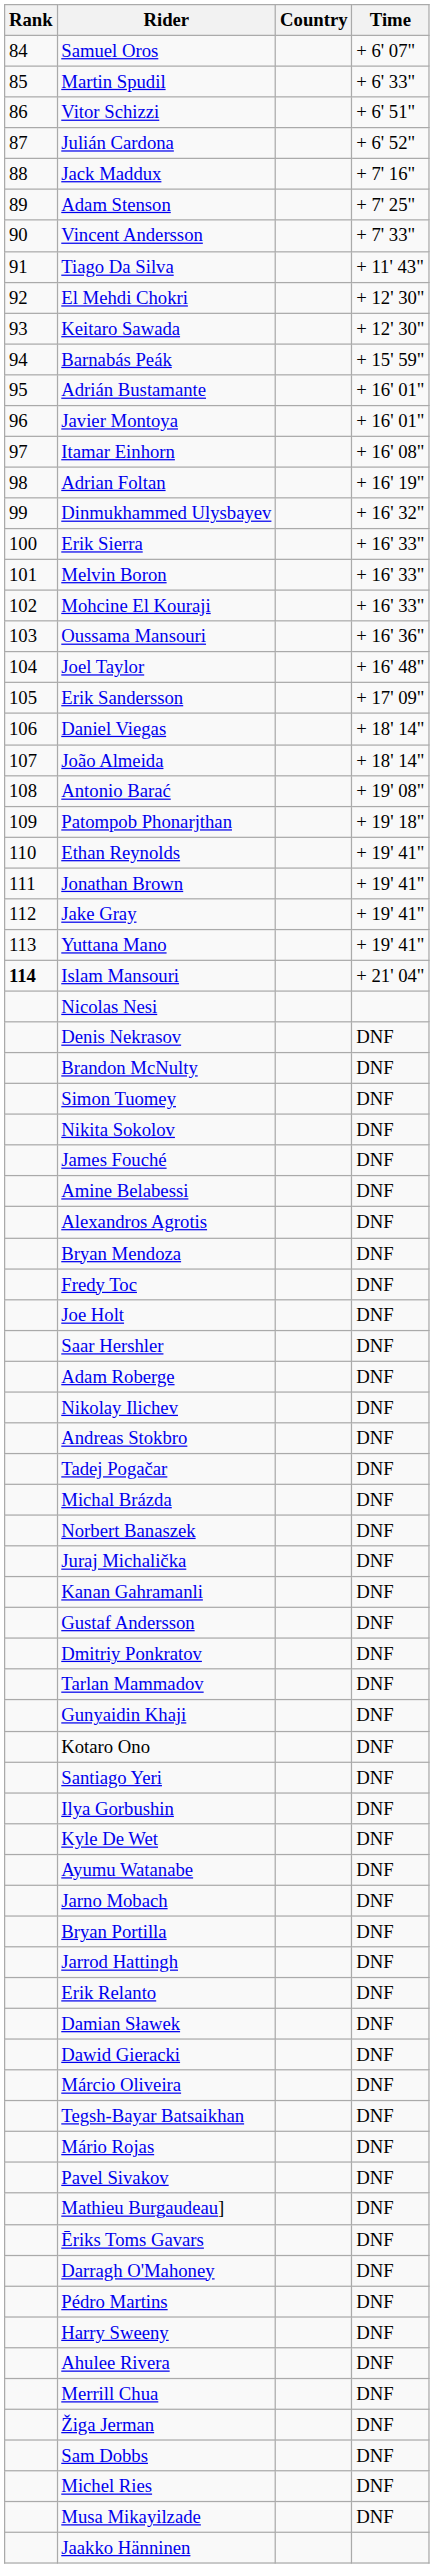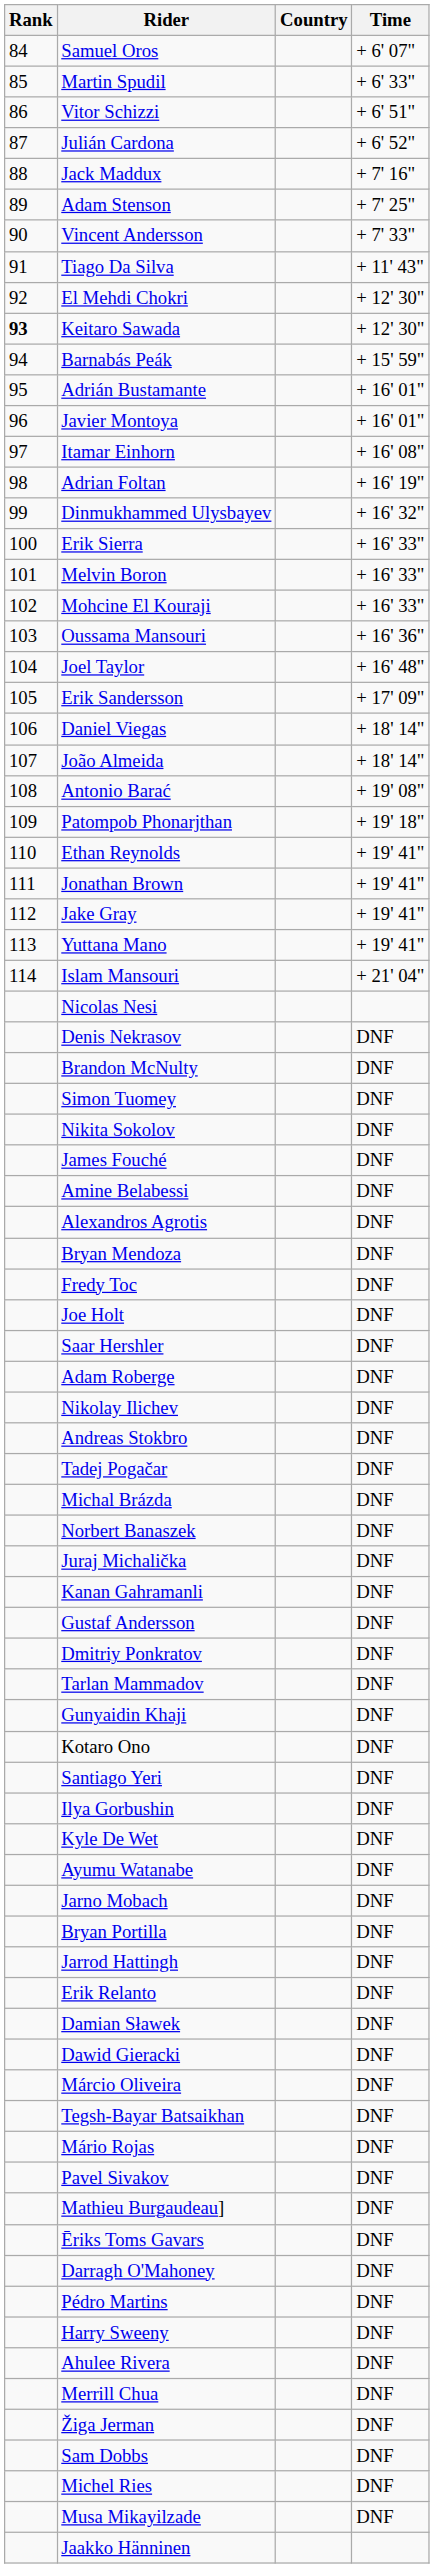 <table class="wikitable" style="font-size:95%; text-align:left;">
 <tr>
 <th>Rank</th>
 <th>Rider</th>
 <th>Country</th>
 <th>Time</th>
 </tr>
 <tr>
 <td>84</td>
 <td><a href='#'>Samuel Oros</a></td>
 <td></td>
 <td>+ 6' 07"</td>
 </tr>
 <tr>
 <td>85</td>
 <td><a href='#'>Martin Spudil</a></td>
 <td></td>
 <td>+ 6' 33"</td>
 </tr>
 <tr>
 <td>86</td>
 <td><a href='#'>Vitor Schizzi</a></td>
 <td></td>
 <td>+ 6' 51"</td>
 </tr>
 <tr>
 <td>87</td>
 <td><a href='#'>Julián Cardona</a></td>
 <td></td>
 <td>+ 6' 52"</td>
 </tr>
 <tr>
 <td>88</td>
 <td><a href='#'>Jack Maddux</a></td>
 <td></td>
 <td>+ 7' 16"</td>
 </tr>
 <tr>
 <td>89</td>
 <td><a href='#'>Adam Stenson</a></td>
 <td></td>
 <td>+ 7' 25"</td>
 </tr>
 <tr>
 <td>90</td>
 <td><a href='#'>Vincent Andersson</a></td>
 <td></td>
 <td>+ 7' 33"</td>
 </tr>
 <tr>
 <td>91</td>
 <td><a href='#'>Tiago Da Silva</a></td>
 <td></td>
 <td>+ 11' 43"</td>
 </tr>
 <tr>
 <td>92</td>
 <td><a href='#'>El Mehdi Chokri</a></td>
 <td></td>
 <td>+ 12' 30"</td>
 </tr>
 <tr>
-<td>93</td>
+<td><strong>93</strong></td>
 <td><a href='#'>Keitaro Sawada</a></td>
 <td></td>
 <td>+ 12' 30"</td>
 </tr>
 <tr>
 <td>94</td>
 <td><a href='#'>Barnabás Peák</a></td>
 <td></td>
 <td>+ 15' 59"</td>
 </tr>
 <tr>
 <td>95</td>
 <td><a href='#'>Adrián Bustamante</a></td>
 <td></td>
 <td>+ 16' 01"</td>
 </tr>
 <tr>
 <td>96</td>
 <td><a href='#'>Javier Montoya</a></td>
 <td></td>
 <td>+ 16' 01"</td>
 </tr>
 <tr>
 <td>97</td>
 <td><a href='#'>Itamar Einhorn</a></td>
 <td></td>
 <td>+ 16' 08"</td>
 </tr>
 <tr>
 <td>98</td>
 <td><a href='#'>Adrian Foltan</a></td>
 <td></td>
 <td>+ 16' 19"</td>
 </tr>
 <tr>
 <td>99</td>
 <td><a href='#'>Dinmukhammed Ulysbayev</a></td>
 <td></td>
 <td>+ 16' 32"</td>
 </tr>
 <tr>
 <td>100</td>
 <td><a href='#'>Erik Sierra</a></td>
 <td></td>
 <td>+ 16' 33"</td>
 </tr>
 <tr>
 <td>101</td>
 <td><a href='#'>Melvin Boron</a></td>
 <td></td>
 <td>+ 16' 33"</td>
 </tr>
 <tr>
 <td>102</td>
 <td><a href='#'>Mohcine El Kouraji</a></td>
 <td></td>
 <td>+ 16' 33"</td>
 </tr>
 <tr>
 <td>103</td>
 <td><a href='#'>Oussama Mansouri</a></td>
 <td></td>
 <td>+ 16' 36"</td>
 </tr>
 <tr>
 <td>104</td>
 <td><a href='#'>Joel Taylor</a></td>
 <td></td>
 <td>+ 16' 48"</td>
 </tr>
 <tr>
 <td>105</td>
 <td><a href='#'>Erik Sandersson</a></td>
 <td></td>
 <td>+ 17' 09"</td>
 </tr>
 <tr>
 <td>106</td>
 <td><a href='#'>Daniel Viegas</a></td>
 <td></td>
 <td>+ 18' 14"</td>
 </tr>
 <tr>
 <td>107</td>
 <td><a href='#'>João Almeida</a></td>
 <td></td>
 <td>+ 18' 14"</td>
 </tr>
 <tr>
 <td>108</td>
 <td><a href='#'>Antonio Barać</a></td>
 <td></td>
 <td>+ 19' 08"</td>
 </tr>
 <tr>
 <td>109</td>
 <td><a href='#'>Patompob Phonarjthan</a></td>
 <td></td>
 <td>+ 19' 18"</td>
 </tr>
 <tr>
 <td>110</td>
 <td><a href='#'>Ethan Reynolds</a></td>
 <td></td>
 <td>+ 19' 41"</td>
 </tr>
 <tr>
 <td>111</td>
 <td><a href='#'>Jonathan Brown</a></td>
 <td></td>
 <td>+ 19' 41"</td>
 </tr>
 <tr>
 <td>112</td>
 <td><a href='#'>Jake Gray</a></td>
 <td></td>
 <td>+ 19' 41"</td>
 </tr>
 <tr>
 <td>113</td>
 <td><a href='#'>Yuttana Mano</a></td>
 <td></td>
 <td>+ 19' 41"</td>
 </tr>
 <tr>
-<td><strong>114</strong></td>
+<td>114</td>
 <td><a href='#'>Islam Mansouri</a></td>
 <td></td>
 <td>+ 21' 04"</td>
 </tr>
 <tr>
 <td></td>
 <td><a href='#'>Nicolas Nesi</a></td>
 <td></td>
 <td></td>
 </tr>
 <tr>
 <td></td>
 <td><a href='#'>Denis Nekrasov</a></td>
 <td></td>
 <td>DNF</td>
 </tr>
 <tr>
 <td></td>
 <td><a href='#'>Brandon McNulty</a></td>
 <td></td>
 <td>DNF</td>
 </tr>
 <tr>
 <td></td>
 <td><a href='#'>Simon Tuomey</a></td>
 <td></td>
 <td>DNF</td>
 </tr>
 <tr>
 <td></td>
 <td><a href='#'>Nikita Sokolov</a></td>
 <td></td>
 <td>DNF</td>
 </tr>
 <tr>
 <td></td>
 <td><a href='#'>James Fouché</a></td>
 <td></td>
 <td>DNF</td>
 </tr>
 <tr>
 <td></td>
 <td><a href='#'>Amine Belabessi</a></td>
 <td></td>
 <td>DNF</td>
 </tr>
 <tr>
 <td></td>
 <td><a href='#'>Alexandros Agrotis</a></td>
 <td></td>
 <td>DNF</td>
 </tr>
 <tr>
 <td></td>
 <td><a href='#'>Bryan Mendoza</a></td>
 <td></td>
 <td>DNF</td>
 </tr>
 <tr>
 <td></td>
 <td><a href='#'>Fredy Toc</a></td>
 <td></td>
 <td>DNF</td>
 </tr>
 <tr>
 <td></td>
 <td><a href='#'>Joe Holt</a></td>
 <td></td>
 <td>DNF</td>
 </tr>
 <tr>
 <td></td>
 <td><a href='#'>Saar Hershler</a></td>
 <td></td>
 <td>DNF</td>
 </tr>
 <tr>
 <td></td>
 <td><a href='#'>Adam Roberge</a></td>
 <td></td>
 <td>DNF</td>
 </tr>
 <tr>
 <td></td>
 <td><a href='#'>Nikolay Ilichev</a></td>
 <td></td>
 <td>DNF</td>
 </tr>
 <tr>
 <td></td>
 <td><a href='#'>Andreas Stokbro</a></td>
 <td></td>
 <td>DNF</td>
 </tr>
 <tr>
 <td></td>
 <td><a href='#'>Tadej Pogačar</a></td>
 <td></td>
 <td>DNF</td>
 </tr>
 <tr>
 <td></td>
 <td><a href='#'>Michal Brázda</a></td>
 <td></td>
 <td>DNF</td>
 </tr>
 <tr>
 <td></td>
 <td><a href='#'>Norbert Banaszek</a></td>
 <td></td>
 <td>DNF</td>
 </tr>
 <tr>
 <td></td>
 <td><a href='#'>Juraj Michalička</a></td>
 <td></td>
 <td>DNF</td>
 </tr>
 <tr>
 <td></td>
 <td><a href='#'>Kanan Gahramanli</a></td>
 <td></td>
 <td>DNF</td>
 </tr>
 <tr>
 <td></td>
 <td><a href='#'>Gustaf Andersson</a></td>
 <td></td>
 <td>DNF</td>
 </tr>
 <tr>
 <td></td>
 <td><a href='#'>Dmitriy Ponkratov</a></td>
 <td></td>
 <td>DNF</td>
 </tr>
 <tr>
 <td></td>
 <td><a href='#'>Tarlan Mammadov</a></td>
 <td></td>
 <td>DNF</td>
 </tr>
 <tr>
 <td></td>
 <td><a href='#'>Gunyaidin Khaji</a></td>
 <td></td>
 <td>DNF</td>
 </tr>
 <tr>
 <td></td>
 <td>Kotaro Ono</td>
 <td></td>
 <td>DNF</td>
 </tr>
 <tr>
 <td></td>
 <td><a href='#'>Santiago Yeri</a></td>
 <td></td>
 <td>DNF</td>
 </tr>
 <tr>
 <td></td>
 <td><a href='#'>Ilya Gorbushin</a></td>
 <td></td>
 <td>DNF</td>
 </tr>
 <tr>
 <td></td>
 <td><a href='#'>Kyle De Wet</a></td>
 <td></td>
 <td>DNF</td>
 </tr>
 <tr>
 <td></td>
 <td><a href='#'>Ayumu Watanabe</a></td>
 <td></td>
 <td>DNF</td>
 </tr>
 <tr>
 <td></td>
 <td><a href='#'>Jarno Mobach</a></td>
 <td></td>
 <td>DNF</td>
 </tr>
 <tr>
 <td></td>
 <td><a href='#'>Bryan Portilla</a></td>
 <td></td>
 <td>DNF</td>
 </tr>
 <tr>
 <td></td>
 <td><a href='#'>Jarrod Hattingh</a></td>
 <td></td>
 <td>DNF</td>
 </tr>
 <tr>
 <td></td>
 <td><a href='#'>Erik Relanto</a></td>
 <td></td>
 <td>DNF</td>
 </tr>
 <tr>
 <td></td>
 <td><a href='#'>Damian Sławek</a></td>
 <td></td>
 <td>DNF</td>
 </tr>
 <tr>
 <td></td>
 <td><a href='#'>Dawid Gieracki</a></td>
 <td></td>
 <td>DNF</td>
 </tr>
 <tr>
 <td></td>
 <td><a href='#'>Márcio Oliveira</a></td>
 <td></td>
 <td>DNF</td>
 </tr>
 <tr>
 <td></td>
 <td><a href='#'>Tegsh-Bayar Batsaikhan</a></td>
 <td></td>
 <td>DNF</td>
 </tr>
 <tr>
 <td></td>
 <td><a href='#'>Mário Rojas</a></td>
 <td></td>
 <td>DNF</td>
 </tr>
 <tr>
 <td></td>
 <td><a href='#'>Pavel Sivakov</a></td>
 <td></td>
 <td>DNF</td>
 </tr>
 <tr>
 <td></td>
 <td><a href='#'>Mathieu Burgaudeau</a>]</td>
 <td></td>
 <td>DNF</td>
 </tr>
 <tr>
 <td></td>
 <td><a href='#'>Ēriks Toms Gavars</a></td>
 <td></td>
 <td>DNF</td>
 </tr>
 <tr>
 <td></td>
 <td><a href='#'>Darragh O'Mahoney</a></td>
 <td></td>
 <td>DNF</td>
 </tr>
 <tr>
 <td></td>
 <td><a href='#'>Pédro Martins</a></td>
 <td></td>
 <td>DNF</td>
 </tr>
 <tr>
 <td></td>
 <td><a href='#'>Harry Sweeny</a></td>
 <td></td>
 <td>DNF</td>
 </tr>
 <tr>
 <td></td>
 <td><a href='#'>Ahulee Rivera</a></td>
 <td></td>
 <td>DNF</td>
 </tr>
 <tr>
 <td></td>
 <td><a href='#'>Merrill Chua</a></td>
 <td></td>
 <td>DNF</td>
 </tr>
 <tr>
 <td></td>
 <td><a href='#'>Žiga Jerman</a></td>
 <td></td>
 <td>DNF</td>
 </tr>
 <tr>
 <td></td>
 <td><a href='#'>Sam Dobbs</a></td>
 <td></td>
 <td>DNF</td>
 </tr>
 <tr>
 <td></td>
 <td><a href='#'>Michel Ries</a></td>
 <td></td>
 <td>DNF</td>
 </tr>
 <tr>
 <td></td>
 <td><a href='#'>Musa Mikayilzade</a></td>
 <td></td>
 <td>DNF</td>
 </tr>
 <tr>
 <td></td>
 <td><a href='#'>Jaakko Hänninen</a></td>
 <td></td>
 <td></td>
 </tr>
 </table>
